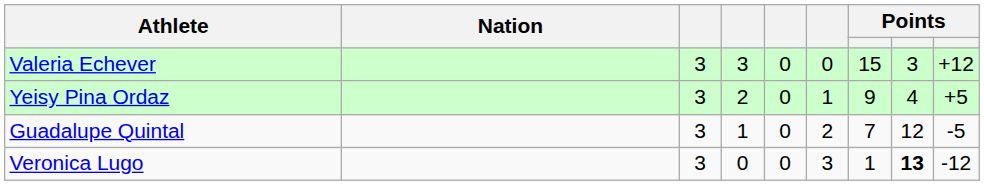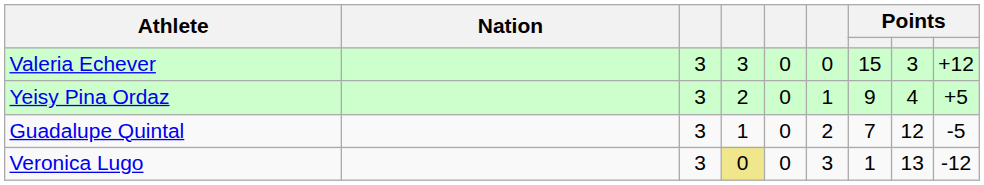 <table class="wikitable" style="text-align: center; font-size:100% ">
 <tr>
 <th rowspan=2 width=250>Athlete</th>
 <th rowspan=2 width=250>Nation</th>
 <th rowspan=2 width=25></th>
 <th rowspan=2 width=25></th>
 <th rowspan=2 width=25></th>
 <th rowspan=2 width=25></th>
 <th colspan=3>Points</th>
 </tr>
 <tr>
 <th width=25></th>
 <th width=25></th>
 <th width=25></th>
 </tr>
 <tr bgcolor="ccffcc">
 <td align=left><a href='#'>Valeria Echever</a></td>
 <td align=left></td>
 <td>3</td>
 <td>3</td>
 <td>0</td>
 <td>0</td>
 <td>15</td>
 <td>3</td>
 <td>+12</td>
 </tr>
 <tr bgcolor="ccffcc">
 <td align=left><a href='#'>Yeisy Pina Ordaz</a></td>
 <td align=left></td>
 <td>3</td>
 <td>2</td>
 <td>0</td>
 <td>1</td>
 <td>9</td>
 <td>4</td>
 <td>+5</td>
 </tr>
 <tr>
 <td align=left><a href='#'>Guadalupe Quintal</a></td>
 <td align=left></td>
 <td>3</td>
 <td>1</td>
 <td>0</td>
 <td>2</td>
 <td>7</td>
 <td>12</td>
 <td>-5</td>
 </tr>
 <tr>
 <td align=left><a href='#'>Veronica Lugo</a></td>
 <td align=left></td>
 <td>3</td>
-<td>0</td>
+<td style="background: khaki;">0</td>
 <td>0</td>
 <td>3</td>
 <td>1</td>
-<td><strong>13</strong></td>
+<td>13</td>
 <td>-12</td>
 </tr>
 </table>
